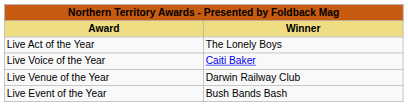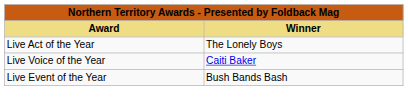 <table class="wikitable" width=100%>
 <tr>
 <th colspan="2" ! style="width:15%;background:#C75B12">Northern Territory Awards - Presented by Foldback Mag</th>
 </tr>
 <tr>
 <th style="width:10%;background:#EEDD82;">Award</th>
 <th style="width:10%;background:#EEDD82;">Winner</th>
 </tr>
 <tr>
 <td>Live Act of the Year</td>
 <td>The Lonely Boys</td>
 </tr>
 <tr>
 <td>Live Voice of the Year</td>
 <td><a href='#'>Caiti Baker</a></td>
 </tr>
 <tr>
-<td>Live Venue of the Year</td>
-<td>Darwin Railway Club</td>
-</tr>
-<tr>
 <td>Live Event of the Year</td>
 <td>Bush Bands Bash</td>
 </tr>
 </table>
